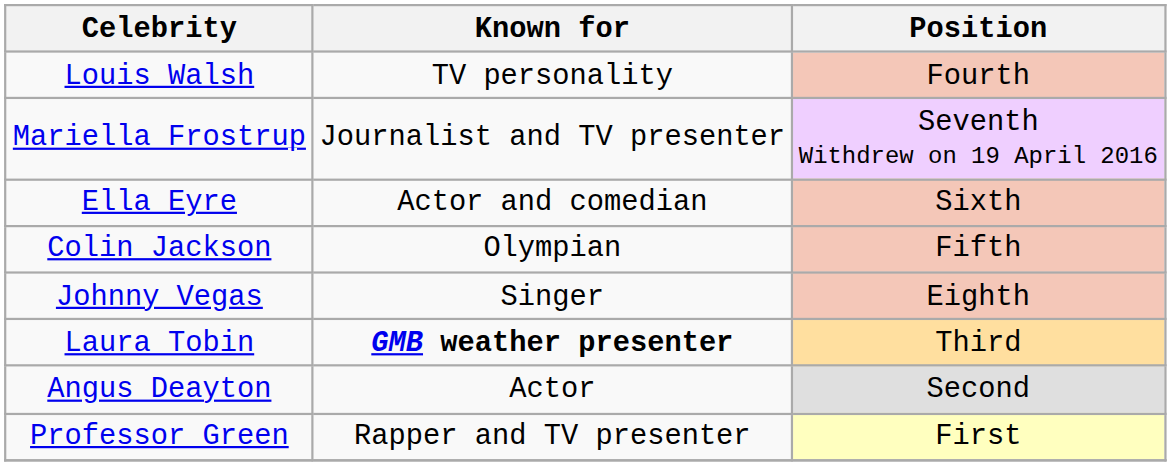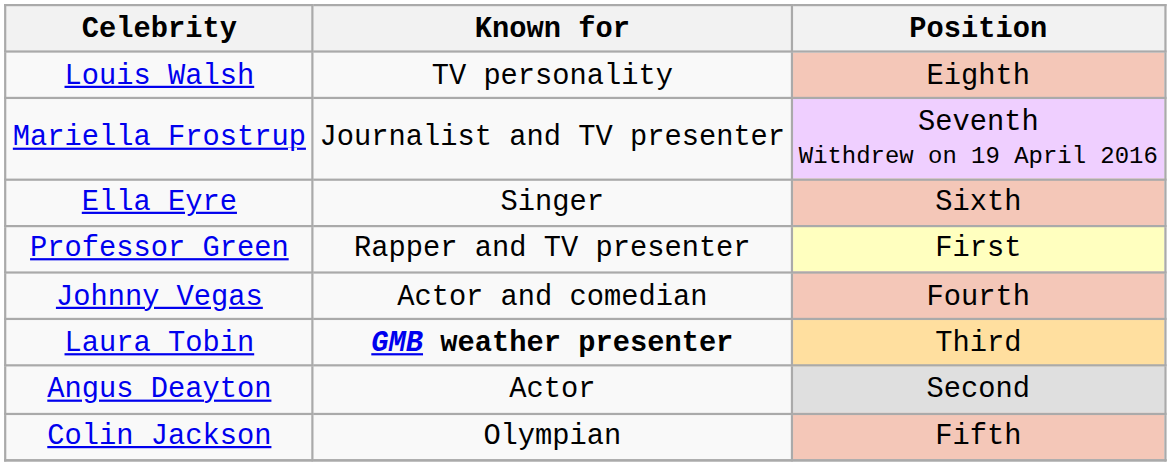 <table class="wikitable" style="text-align:center; margin:auto; width-height:100%;">
 <tr>
 <th scope="col">Celebrity</th>
 <th scope="col">Known for</th>
 <th scope="col">Position</th>
 </tr>
 <tr>
 <td><a href='#'>Louis Walsh</a></td>
 <td>TV personality</td>
-<td style="background:#f4c7b8;">Fourth</td>
+<td style="background:#f4c7b8;">Eighth</td>
 </tr>
 <tr>
 <td><a href='#'>Mariella Frostrup</a></td>
 <td>Journalist and TV presenter</td>
 <td style="background-color:#EFCFFF">Seventh <br><small>Withdrew on 19 April 2016</small></td>
 </tr>
 <tr>
 <td><a href='#'>Ella Eyre</a></td>
-<td>Actor and comedian</td>
+<td>Singer</td>
 <td style="background:#f4c7b8;">Sixth</td>
 </tr>
 <tr>
-<td><a href='#'>Colin Jackson</a></td>
-<td>Olympian</td>
-<td style="background:#f4c7b8;">Fifth</td>
+<td><a href='#'>Professor Green</a></td>
+<td>Rapper and TV presenter</td>
+<td style="background-color:#ffffbf">First</td>
 </tr>
 <tr>
 <td><a href='#'>Johnny Vegas</a></td>
-<td>Singer</td>
-<td style="background:#f4c7b8;">Eighth</td>
+<td>Actor and comedian</td>
+<td style="background:#f4c7b8;">Fourth</td>
 </tr>
 <tr>
 <td><a href='#'>Laura Tobin</a></td>
 <td><strong><em><a href='#'>GMB</a></em> weather presenter</strong></td>
 <td style="background-color:#ffdf9f">Third</td>
 </tr>
 <tr>
 <td><a href='#'>Angus Deayton</a></td>
 <td>Actor</td>
 <td style="background-color:#dfdfdf">Second</td>
 </tr>
 <tr>
-<td><a href='#'>Professor Green</a></td>
-<td>Rapper and TV presenter</td>
-<td style="background-color:#ffffbf">First</td>
+<td><a href='#'>Colin Jackson</a></td>
+<td>Olympian</td>
+<td style="background:#f4c7b8;">Fifth</td>
 </tr>
 <tr>
 </tr>
 </table>
